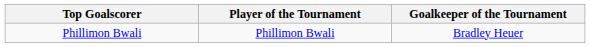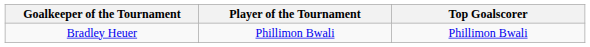 <table class=wikitable style="margin:auto; text-align:center">
 <tr>
+<th style="width: 250px;">Goalkeeper of the Tournament</th>
+<th style="width: 250px;">Player of the Tournament</th>
 <th style="width: 250px;">Top Goalscorer</th>
-<th style="width: 250px;">Player of the Tournament</th>
-<th style="width: 250px;">Goalkeeper of the Tournament</th>
 </tr>
 <tr>
+<td> <a href='#'>Bradley Heuer</a></td>
 <td> <a href='#'>Phillimon Bwali</a></td>
 <td> <a href='#'>Phillimon Bwali</a></td>
-<td> <a href='#'>Bradley Heuer</a></td>
 </tr>
 </table>
